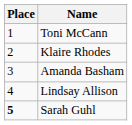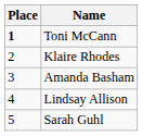 <table class="wikitable">
 <tr>
 <th>Place</th>
 <th>Name</th>
 </tr>
 <tr>
-<td>1</td>
+<td><strong>1</strong></td>
 <td> Toni McCann</td>
 </tr>
 <tr>
 <td>2</td>
 <td> Klaire Rhodes</td>
 </tr>
 <tr>
 <td>3</td>
 <td> Amanda Basham</td>
 </tr>
 <tr>
 <td>4</td>
 <td> Lindsay Allison</td>
 </tr>
 <tr>
-<td><strong>5</strong></td>
+<td>5</td>
 <td> Sarah Guhl</td>
 </tr>
 </table>
